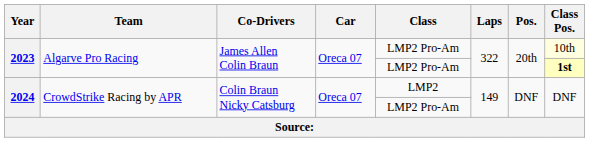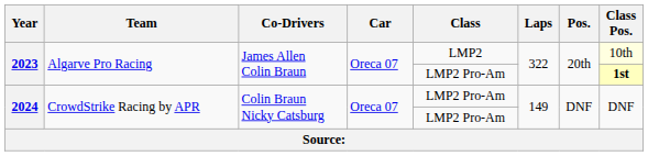 <table class="wikitable" style="text-align:center; font-size:90%; width:700px">
 <tr>
 <th>Year</th>
 <th>Team</th>
 <th>Co-Drivers</th>
 <th>Car</th>
 <th>Class</th>
 <th>Laps</th>
 <th>Pos.</th>
 <th>Class<br>Pos.</th>
 </tr>
 <tr>
 <th rowspan="2"><a href='#'>2023</a></th>
 <td align="left" rowspan="2"> <a href='#'>Algarve Pro Racing</a></td>
 <td align="left" rowspan="2"> <a href='#'>James Allen</a><br> <a href='#'>Colin Braun</a></td>
 <td align="left" rowspan="2"><a href='#'>Oreca 07</a></td>
-<td>LMP2 Pro-Am</td>
+<td>LMP2</td>
 <td rowspan="2">322</td>
 <td rowspan="2">20th</td>
 <td style="background: lightyellow;">10th</td>
 </tr>
 <tr>
 <td>LMP2 Pro-Am</td>
 <td style="background:#FFFFBF;"><strong>1st</strong></td>
 </tr>
 <tr>
 <th rowspan="2"><a href='#'>2024</a></th>
 <td rowspan="2" align="left"> <a href='#'>CrowdStrike</a> Racing by <a href='#'>APR</a></td>
 <td rowspan="2" align="left"> <a href='#'>Colin Braun</a><br> <a href='#'>Nicky Catsburg</a></td>
 <td rowspan="2" align="left"><a href='#'>Oreca 07</a></td>
-<td>LMP2</td>
+<td>LMP2 Pro-Am</td>
 <td rowspan="2">149</td>
 <td rowspan="2">DNF</td>
 <td rowspan="2">DNF</td>
 </tr>
 <tr>
 <td>LMP2 Pro-Am</td>
 </tr>
 <tr>
 <th colspan="8">Source:</th>
 </tr>
 </table>
